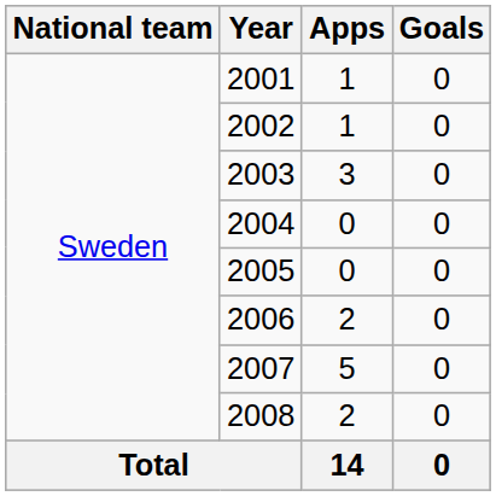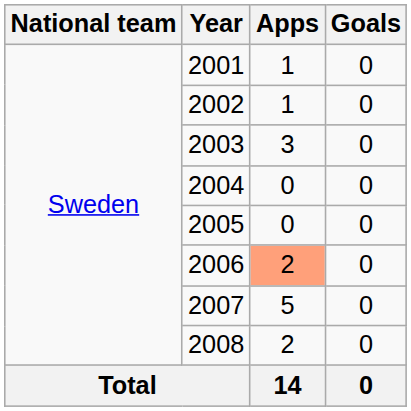 <table class="wikitable" style="text-align:center">
 <tr>
 <th>National team</th>
 <th>Year</th>
 <th>Apps</th>
 <th>Goals</th>
 </tr>
 <tr>
 <td rowspan="8"><a href='#'>Sweden</a></td>
 <td>2001</td>
 <td>1</td>
 <td>0</td>
 </tr>
 <tr>
 <td>2002</td>
 <td>1</td>
 <td>0</td>
 </tr>
 <tr>
 <td>2003</td>
 <td>3</td>
 <td>0</td>
 </tr>
 <tr>
 <td>2004</td>
 <td>0</td>
 <td>0</td>
 </tr>
 <tr>
 <td>2005</td>
 <td>0</td>
 <td>0</td>
 </tr>
 <tr>
 <td>2006</td>
-<td>2</td>
+<td style="background: lightsalmon;">2</td>
 <td>0</td>
 </tr>
 <tr>
 <td>2007</td>
 <td>5</td>
 <td>0</td>
 </tr>
 <tr>
 <td>2008</td>
 <td>2</td>
 <td>0</td>
 </tr>
 <tr>
 <th colspan="2">Total</th>
 <th>14</th>
 <th>0</th>
 </tr>
 </table>
